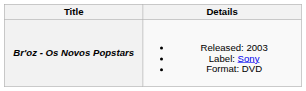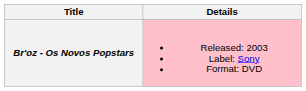 <table class="wikitable plainrowheaders" style="text-align:center;">
 <tr>
 <th scope="col" style="width:14em;">Title</th>
 <th scope="col" style="width:16em;">Details</th>
 </tr>
 <tr>
 <th scope="row"><em>Br'oz - Os Novos Popstars</em></th>
-<td><br><ul><li>Released: 2003</li><li>Label: <a href='#'>Sony</a></li><li>Format: DVD</li></ul></td>
+<td style="background: pink;"><br><ul><li>Released: 2003</li><li>Label: <a href='#'>Sony</a></li><li>Format: DVD</li></ul></td>
 </tr>
 </table>
